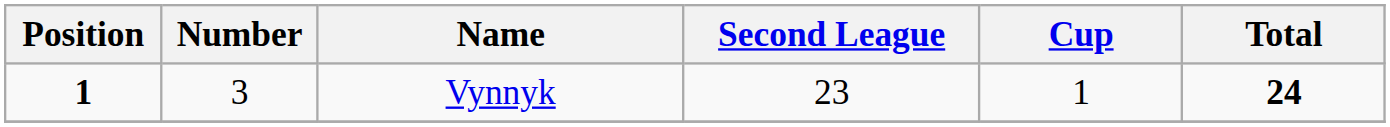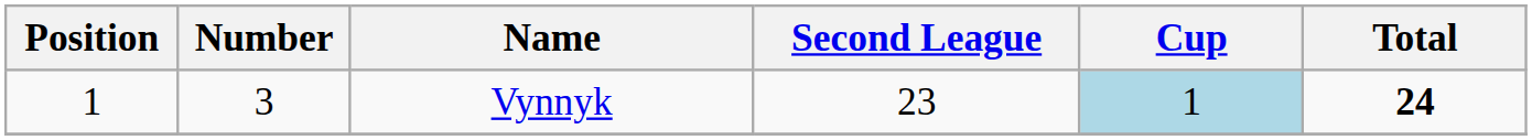 <table class="wikitable" style="font-size: 95%; text-align: center;">
 <tr>
 <th width=60>Position</th>
 <th width=60>Number</th>
 <th width=150>Name</th>
 <th width=120><a href='#'>Second League</a></th>
 <th width=80><a href='#'>Cup</a></th>
 <th width=80>Total</th>
 </tr>
 <tr>
-<td><strong>1</strong></td>
+<td>1</td>
 <td>3</td>
 <td><a href='#'>Vynnyk</a></td>
 <td>23</td>
-<td>1</td>
+<td style="background: lightblue;">1</td>
 <td><strong>24</strong></td>
 </tr>
 <tr>
 </tr>
 </table>
